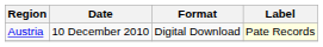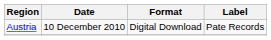 <table class=wikitable>
 <tr>
 <th>Region</th>
 <th>Date</th>
 <th>Format</th>
 <th>Label</th>
 </tr>
 <tr>
 <td><a href='#'>Austria</a></td>
 <td>10 December 2010</td>
 <td>Digital Download</td>
-<td style="background: lightyellow;">Pate Records</td>
+<td>Pate Records</td>
 </tr>
 <tr>
 </tr>
 </table>
